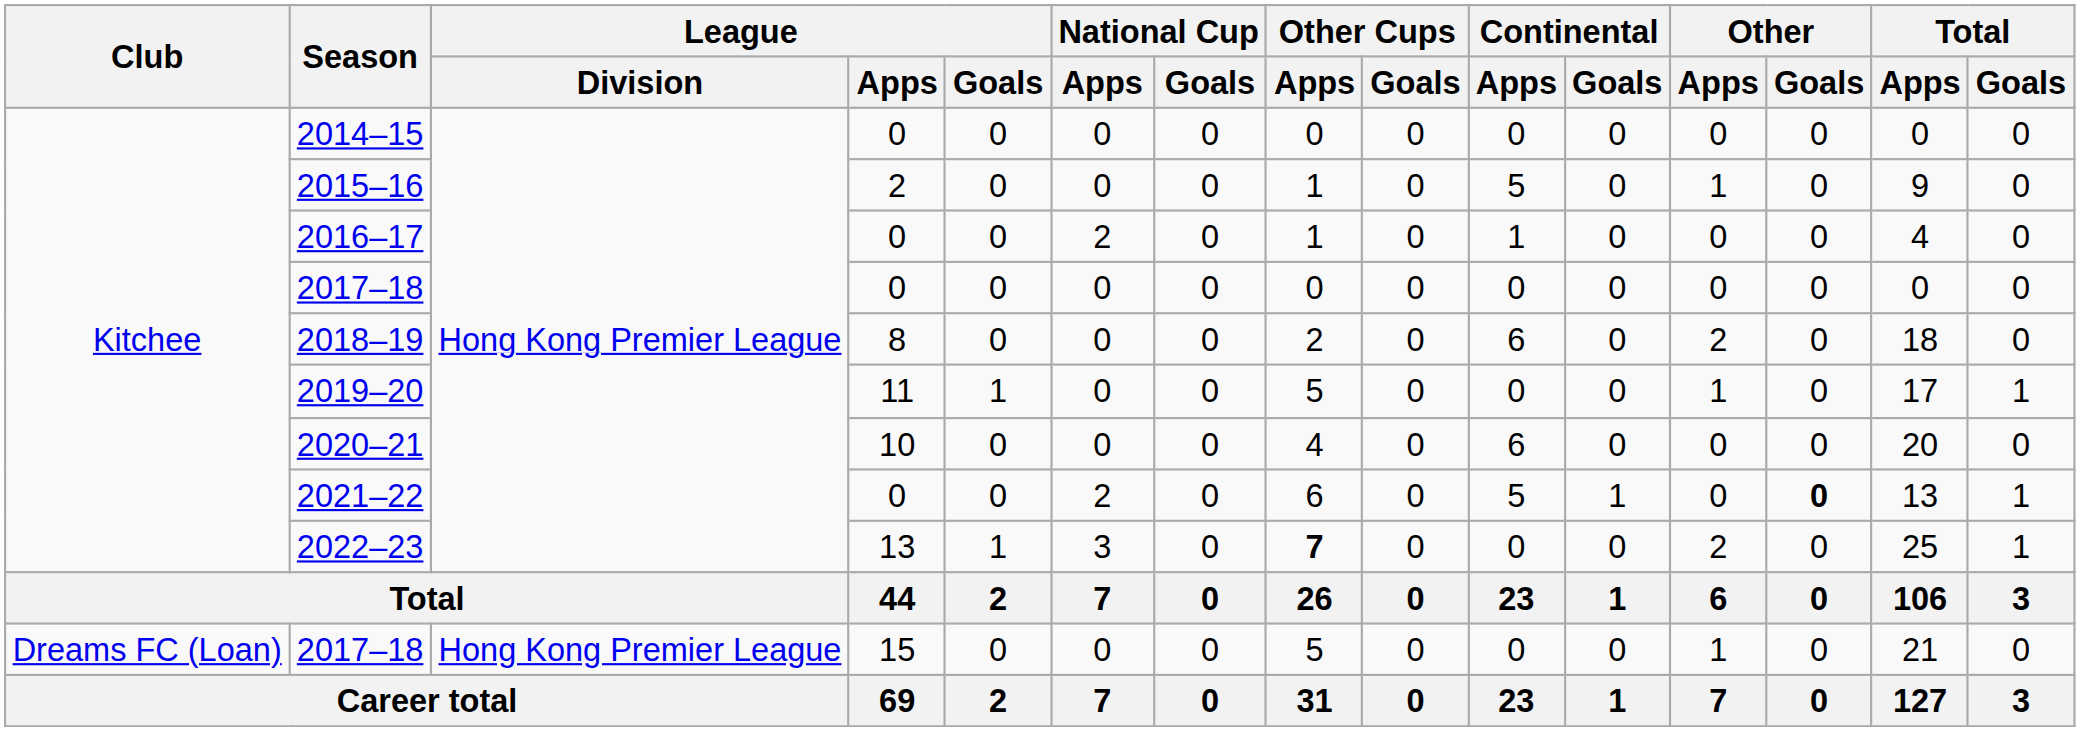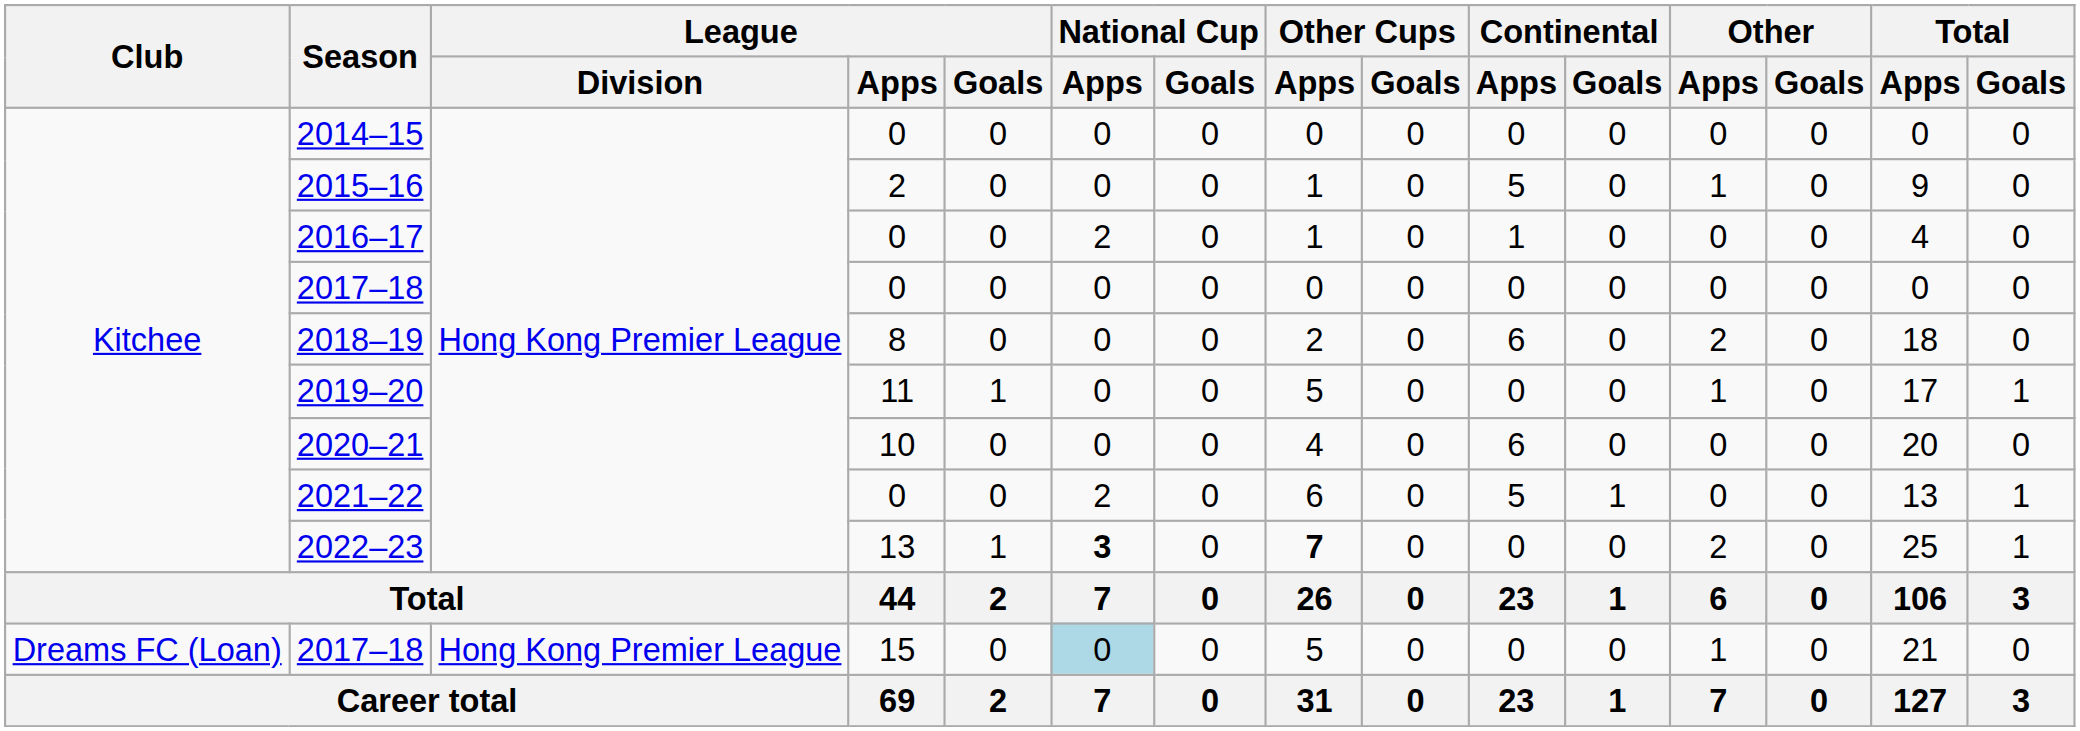 <table class="wikitable" style="font-size:95%; text-align: center">
 <tr>
 <th rowspan="2">Club</th>
 <th rowspan="2">Season</th>
 <th colspan="3">League</th>
 <th colspan="2">National Cup</th>
 <th colspan="2">Other Cups</th>
 <th colspan="2">Continental</th>
 <th colspan="2">Other</th>
 <th colspan="2">Total</th>
 </tr>
 <tr>
 <th>Division</th>
 <th>Apps</th>
 <th>Goals</th>
 <th>Apps</th>
 <th>Goals</th>
 <th>Apps</th>
 <th>Goals</th>
 <th>Apps</th>
 <th>Goals</th>
 <th>Apps</th>
 <th>Goals</th>
 <th>Apps</th>
 <th>Goals</th>
 </tr>
 <tr>
 <td rowspan="9"><a href='#'>Kitchee</a></td>
 <td><a href='#'>2014–15</a></td>
 <td rowspan="9"><a href='#'>Hong Kong Premier League</a></td>
 <td>0</td>
 <td>0</td>
 <td>0</td>
 <td>0</td>
 <td>0</td>
 <td>0</td>
 <td>0</td>
 <td>0</td>
 <td>0</td>
 <td>0</td>
 <td>0</td>
 <td>0</td>
 </tr>
 <tr>
 <td><a href='#'>2015–16</a></td>
 <td>2</td>
 <td>0</td>
 <td>0</td>
 <td>0</td>
 <td>1</td>
 <td>0</td>
 <td>5</td>
 <td>0</td>
 <td>1</td>
 <td>0</td>
 <td>9</td>
 <td>0</td>
 </tr>
 <tr>
 <td><a href='#'>2016–17</a></td>
 <td>0</td>
 <td>0</td>
 <td>2</td>
 <td>0</td>
 <td>1</td>
 <td>0</td>
 <td>1</td>
 <td>0</td>
 <td>0</td>
 <td>0</td>
 <td>4</td>
 <td>0</td>
 </tr>
 <tr>
 <td><a href='#'>2017–18</a></td>
 <td>0</td>
 <td>0</td>
 <td>0</td>
 <td>0</td>
 <td>0</td>
 <td>0</td>
 <td>0</td>
 <td>0</td>
 <td>0</td>
 <td>0</td>
 <td>0</td>
 <td>0</td>
 </tr>
 <tr>
 <td><a href='#'>2018–19</a></td>
 <td>8</td>
 <td>0</td>
 <td>0</td>
 <td>0</td>
 <td>2</td>
 <td>0</td>
 <td>6</td>
 <td>0</td>
 <td>2</td>
 <td>0</td>
 <td>18</td>
 <td>0</td>
 </tr>
 <tr>
 <td><a href='#'>2019–20</a></td>
 <td>11</td>
 <td>1</td>
 <td>0</td>
 <td>0</td>
 <td>5</td>
 <td>0</td>
 <td>0</td>
 <td>0</td>
 <td>1</td>
 <td>0</td>
 <td>17</td>
 <td>1</td>
 </tr>
 <tr>
 <td><a href='#'>2020–21</a></td>
 <td>10</td>
 <td>0</td>
 <td>0</td>
 <td>0</td>
 <td>4</td>
 <td>0</td>
 <td>6</td>
 <td>0</td>
 <td>0</td>
 <td>0</td>
 <td>20</td>
 <td>0</td>
 </tr>
 <tr>
 <td><a href='#'>2021–22</a></td>
 <td>0</td>
 <td>0</td>
 <td>2</td>
 <td>0</td>
 <td>6</td>
 <td>0</td>
 <td>5</td>
 <td>1</td>
 <td>0</td>
-<td><strong>0</strong></td>
+<td>0</td>
 <td>13</td>
 <td>1</td>
 </tr>
 <tr>
 <td><a href='#'>2022–23</a></td>
 <td>13</td>
 <td>1</td>
-<td>3</td>
+<td><strong>3</strong></td>
 <td>0</td>
 <td><strong>7</strong></td>
 <td>0</td>
 <td>0</td>
 <td>0</td>
 <td>2</td>
 <td>0</td>
 <td>25</td>
 <td>1</td>
 </tr>
 <tr>
 <th colspan=3>Total</th>
 <th>44</th>
 <th>2</th>
 <th>7</th>
 <th>0</th>
 <th>26</th>
 <th>0</th>
 <th>23</th>
 <th>1</th>
 <th>6</th>
 <th>0</th>
 <th>106</th>
 <th>3</th>
 </tr>
 <tr>
 <td><a href='#'>Dreams FC (Loan)</a></td>
 <td><a href='#'>2017–18</a></td>
 <td><a href='#'>Hong Kong Premier League</a></td>
 <td>15</td>
 <td>0</td>
-<td>0</td>
+<td style="background: lightblue;">0</td>
 <td>0</td>
 <td>5</td>
 <td>0</td>
 <td>0</td>
 <td>0</td>
 <td>1</td>
 <td>0</td>
 <td>21</td>
 <td>0</td>
 </tr>
 <tr>
 <th colspan=3>Career total</th>
 <th>69</th>
 <th>2</th>
 <th>7</th>
 <th>0</th>
 <th>31</th>
 <th>0</th>
 <th>23</th>
 <th>1</th>
 <th>7</th>
 <th>0</th>
 <th>127</th>
 <th>3</th>
 </tr>
 </table>
